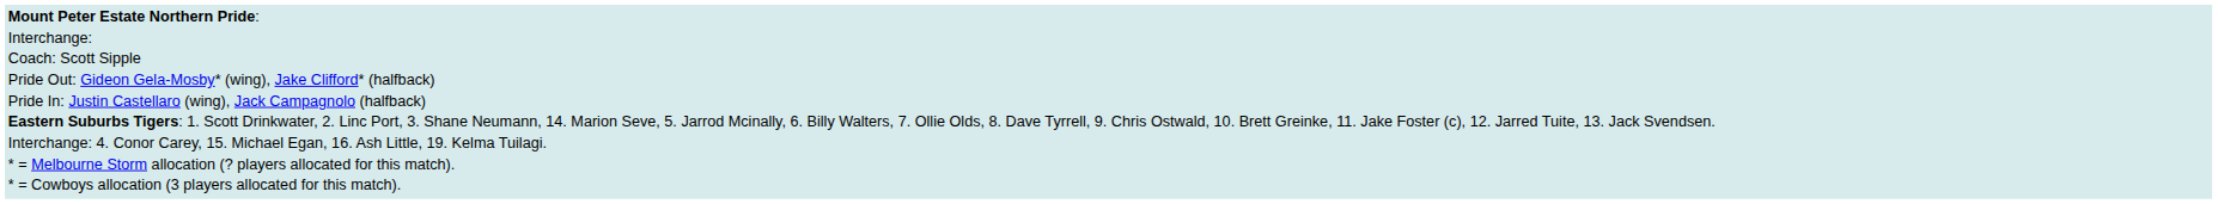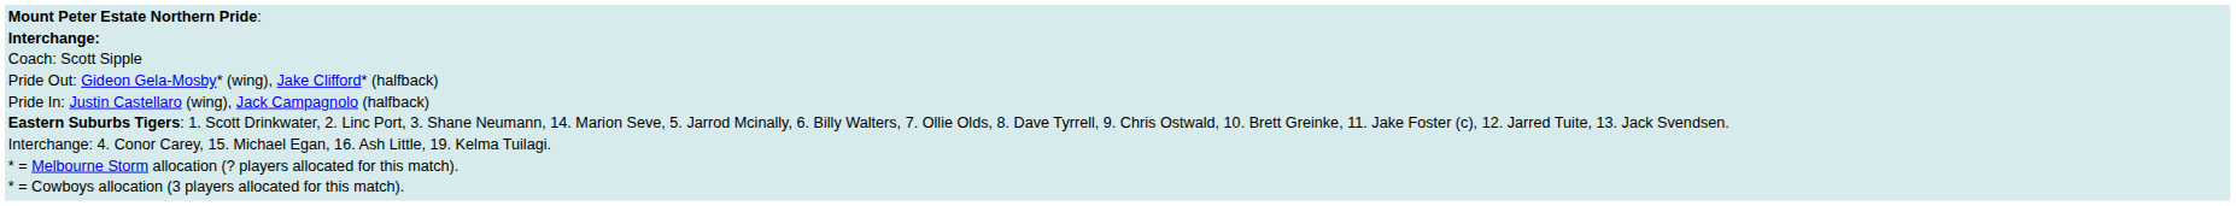 <table style="background:#d7ebed; font-size:85%; width:100%;">
 <tr>
 <td><strong>Mount Peter Estate Northern Pride</strong>:             </td>
 </tr>
 <tr>
-<td>Interchange:    </td>
+<td><strong>Interchange:    </strong></td>
 </tr>
 <tr>
 <td>Coach: Scott Sipple</td>
 </tr>
 <tr>
 <td>Pride Out: <a href='#'>Gideon Gela-Mosby</a>* (wing), <a href='#'>Jake Clifford</a>* (halfback)</td>
 </tr>
 <tr>
 <td>Pride In: <a href='#'>Justin Castellaro</a> (wing), <a href='#'>Jack Campagnolo</a> (halfback)</td>
 </tr>
 <tr>
 <td><strong>Eastern Suburbs Tigers</strong>: 1. Scott Drinkwater, 2. Linc Port, 3. Shane Neumann, 14. Marion Seve, 5. Jarrod Mcinally, 6. Billy Walters, 7. Ollie Olds, 8. Dave Tyrrell, 9. Chris Ostwald, 10. Brett Greinke, 11. Jake Foster (c), 12. Jarred Tuite, 13. Jack Svendsen.</td>
 </tr>
 <tr>
 <td>Interchange: 4. Conor Carey, 15. Michael Egan, 16. Ash Little, 19. Kelma Tuilagi.</td>
 </tr>
 <tr>
 <td>* = <a href='#'>Melbourne Storm</a> allocation (? players allocated for this match).</td>
 </tr>
 <tr>
 <td>* = Cowboys allocation (3 players allocated for this match).</td>
 </tr>
 <tr>
 </tr>
 </table>
